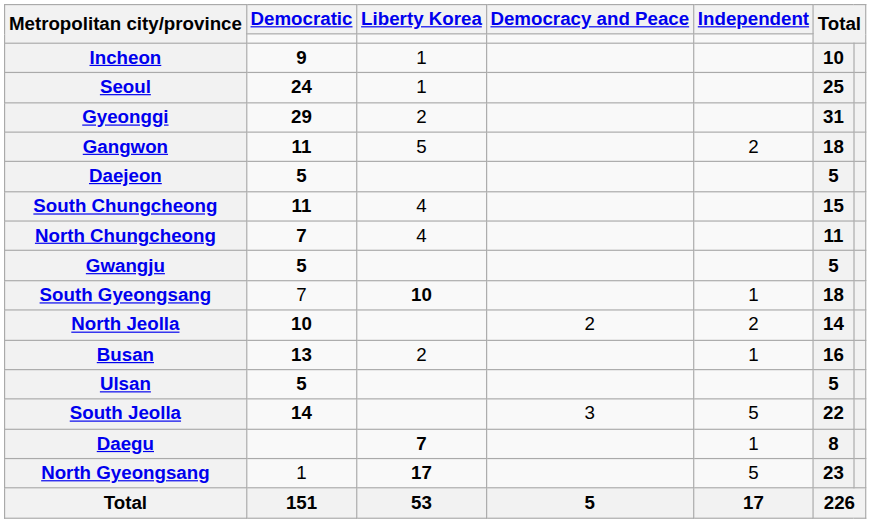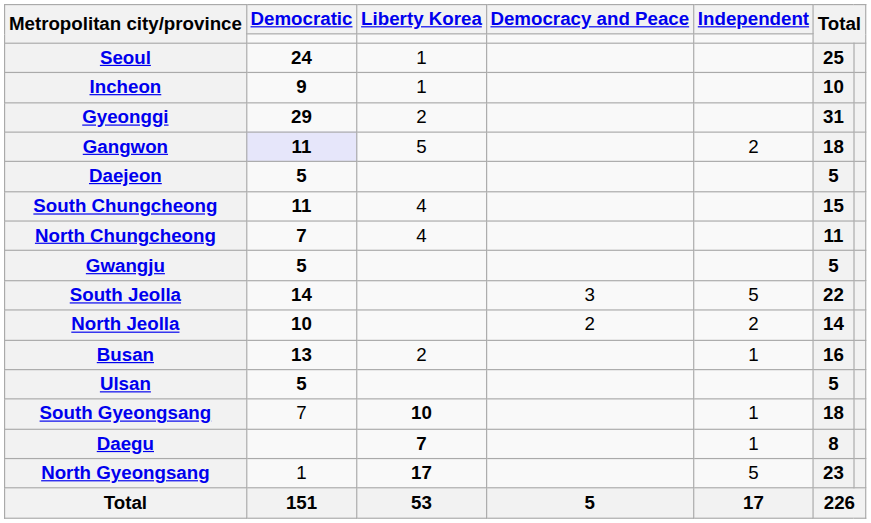 <table class="wikitable" style="text-align:center;">
 <tr>
 <th rowspan="2">Metropolitan city/province</th>
 <th><a href='#'>Democratic</a></th>
 <th><a href='#'>Liberty Korea</a></th>
 <th><a href='#'>Democracy and Peace</a></th>
 <th><a href='#'>Independent</a></th>
 <th colspan="2" rowspan="2">Total</th>
 </tr>
 <tr>
 <td style="background:"></td>
 <td style="background:"></td>
 <td style="background:"></td>
 <td style="background:"></td>
 </tr>
 <tr>
+<th><a href='#'>Seoul</a></th>
+<td><strong>24</strong></td>
+<td>1</td>
+<td></td>
+<td></td>
+<th>25</th>
+<th style="background:"></th>
+</tr>
+<tr>
 <th><a href='#'>Incheon</a></th>
 <td><strong>9</strong></td>
 <td>1</td>
 <td></td>
 <td></td>
 <th>10</th>
-<th style="background:"></th>
-</tr>
-<tr>
-<th><a href='#'>Seoul</a></th>
-<td><strong>24</strong></td>
-<td>1</td>
-<td></td>
-<td></td>
-<th>25</th>
 <th style="background:"></th>
 </tr>
 <tr>
 <th><a href='#'>Gyeonggi</a></th>
 <td><strong>29</strong></td>
 <td>2</td>
 <td></td>
 <td></td>
 <th>31</th>
 <th style="background:"></th>
 </tr>
 <tr>
 <th><a href='#'>Gangwon</a></th>
-<td><strong>11</strong></td>
+<td style="background: lavender;"><strong>11</strong></td>
 <td>5</td>
 <td></td>
 <td>2</td>
 <th>18</th>
 <th style="background:"></th>
 </tr>
 <tr>
 <th><a href='#'>Daejeon</a></th>
 <td><strong>5</strong></td>
 <td></td>
 <td></td>
 <td></td>
 <th>5</th>
 <th style="background:"></th>
 </tr>
 <tr>
 <th><a href='#'>South Chungcheong</a></th>
 <td><strong>11</strong></td>
 <td>4</td>
 <td></td>
 <td></td>
 <th>15</th>
 <th style="background:"></th>
 </tr>
 <tr>
 <th><a href='#'>North Chungcheong</a></th>
 <td><strong>7</strong></td>
 <td>4</td>
 <td></td>
 <td></td>
 <th>11</th>
 <th style="background:"></th>
 </tr>
 <tr>
 <th><a href='#'>Gwangju</a></th>
 <td><strong>5</strong></td>
 <td></td>
 <td></td>
 <td></td>
 <th>5</th>
 <th style="background:"></th>
 </tr>
 <tr>
-<th><a href='#'>South Gyeongsang</a></th>
-<td>7</td>
-<td><strong>10</strong></td>
+<th><a href='#'>South Jeolla</a></th>
+<td><strong>14</strong></td>
 <td></td>
-<td>1</td>
-<th>18</th>
+<td>3</td>
+<td>5</td>
+<th>22</th>
 <th style="background:"></th>
 </tr>
 <tr>
 <th><a href='#'>North Jeolla</a></th>
 <td><strong>10</strong></td>
 <td></td>
 <td>2</td>
 <td>2</td>
 <th>14</th>
 <th style="background:"></th>
 </tr>
 <tr>
 <th><a href='#'>Busan</a></th>
 <td><strong>13</strong></td>
 <td>2</td>
 <td></td>
 <td>1</td>
 <th>16</th>
 <th style="background:"></th>
 </tr>
 <tr>
 <th><a href='#'>Ulsan</a></th>
 <td><strong>5</strong></td>
 <td></td>
 <td></td>
 <td></td>
 <th>5</th>
 <th style="background:"></th>
 </tr>
 <tr>
-<th><a href='#'>South Jeolla</a></th>
-<td><strong>14</strong></td>
+<th><a href='#'>South Gyeongsang</a></th>
+<td>7</td>
+<td><strong>10</strong></td>
 <td></td>
-<td>3</td>
-<td>5</td>
-<th>22</th>
+<td>1</td>
+<th>18</th>
 <th style="background:"></th>
 </tr>
 <tr>
 <th><a href='#'>Daegu</a></th>
 <td></td>
 <td><strong>7</strong></td>
 <td></td>
 <td>1</td>
 <th>8</th>
 <th style="background:"></th>
 </tr>
 <tr>
 <th><a href='#'>North Gyeongsang</a></th>
 <td>1</td>
 <td><strong>17</strong></td>
 <td></td>
 <td>5</td>
 <th>23</th>
 <th style="background:"></th>
 </tr>
 <tr>
 <th>Total</th>
 <th>151</th>
 <th>53</th>
 <th>5</th>
 <th>17</th>
 <th colspan="2">226</th>
 </tr>
 </table>
